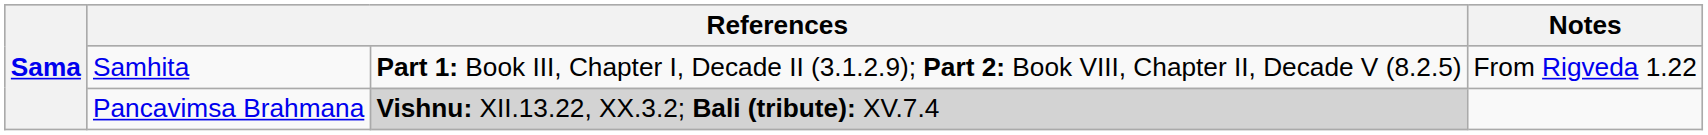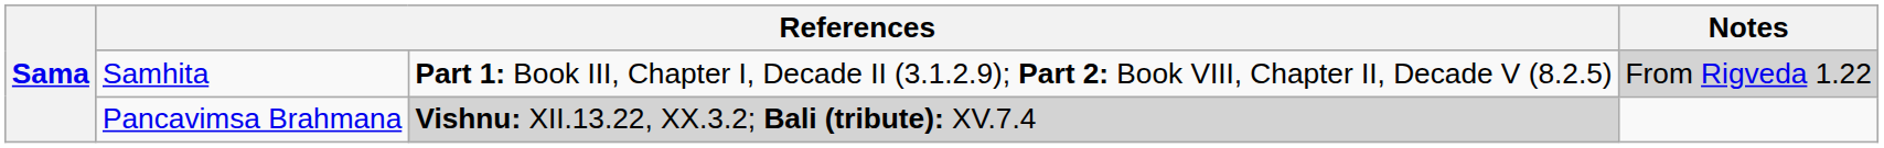 <table class="wikitable">
 <tr>
 <th rowspan="3"><a href='#'>Sama</a></th>
 <th colspan="2">References</th>
 <th>Notes</th>
 </tr>
 <tr>
 <td><a href='#'>Samhita</a></td>
 <td><strong>Part 1:</strong> Book III, Chapter I, Decade II (3.1.2.9); <strong>Part 2:</strong> Book VIII, Chapter II, Decade V (8.2.5)</td>
-<td>From <a href='#'>Rigveda</a> 1.22</td>
+<td style="background: lightgrey;">From <a href='#'>Rigveda</a> 1.22</td>
 </tr>
 <tr>
 <td><a href='#'>Pancavimsa Brahmana</a></td>
 <td style="background: lightgrey;"><strong>Vishnu:</strong> XII.13.22, XX.3.2; <strong>Bali (tribute):</strong> XV.7.4</td>
 <td></td>
 </tr>
 </table>
